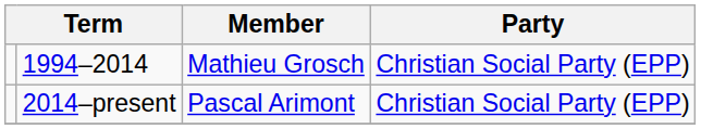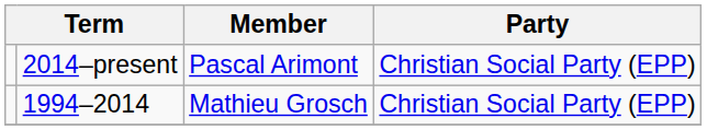 <table class="wikitable">
 <tr>
 <th colspan=2>Term</th>
 <th>Member</th>
 <th>Party</th>
 </tr>
 <tr>
 <td style="background-color: "></td>
+<td><a href='#'>2014</a>–present</td>
+<td><a href='#'>Pascal Arimont</a></td>
+<td><a href='#'>Christian Social Party</a> (<a href='#'>EPP</a>)</td>
+</tr>
+<tr>
+<td style="background-color: "></td>
 <td><a href='#'>1994</a>–2014</td>
 <td><a href='#'>Mathieu Grosch</a></td>
 <td><a href='#'>Christian Social Party</a> (<a href='#'>EPP</a>)</td>
 </tr>
 <tr>
-<td style="background-color: "></td>
-<td><a href='#'>2014</a>–present</td>
-<td><a href='#'>Pascal Arimont</a></td>
-<td><a href='#'>Christian Social Party</a> (<a href='#'>EPP</a>)</td>
-</tr>
-<tr>
 </tr>
 </table>
